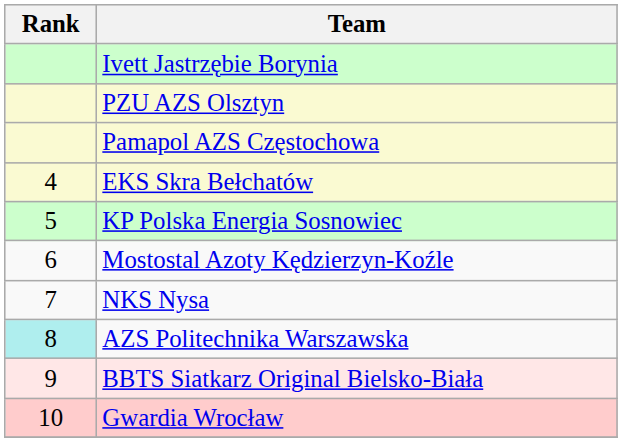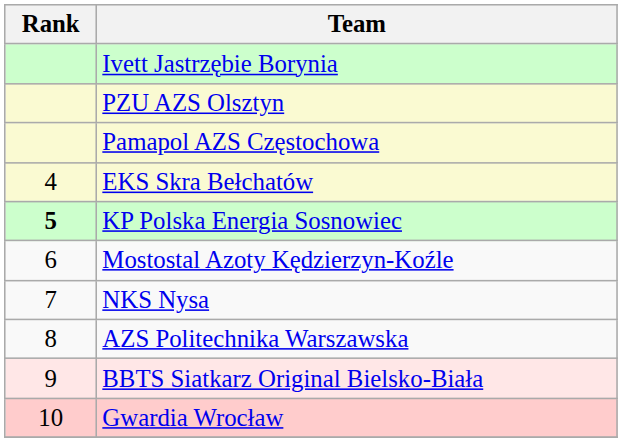 <table class="wikitable" style="white-space: nowrap; width:25%;">
 <tr>
 <th width=15%>Rank</th>
 <th>Team</th>
 </tr>
 <tr bgcolor=#CCFFCC>
 <td style="text-align:center;"></td>
 <td><a href='#'>Ivett Jastrzębie Borynia</a></td>
 </tr>
 <tr bgcolor=#FAFAD2>
 <td style="text-align:center;"></td>
 <td><a href='#'>PZU AZS Olsztyn</a></td>
 </tr>
 <tr bgcolor=#FAFAD2>
 <td style="text-align:center;"></td>
 <td><a href='#'>Pamapol AZS Częstochowa</a></td>
 </tr>
 <tr bgcolor=#FAFAD2>
 <td style="text-align:center;">4</td>
 <td><a href='#'>EKS Skra Bełchatów</a></td>
 </tr>
 <tr bgcolor=#CCFFCC>
-<td style="text-align:center;">5</td>
+<td style="text-align:center;"><strong>5</strong></td>
 <td><a href='#'>KP Polska Energia Sosnowiec</a></td>
 </tr>
 <tr>
 <td style="text-align:center;">6</td>
 <td><a href='#'>Mostostal Azoty Kędzierzyn-Koźle</a></td>
 </tr>
 <tr>
 <td style="text-align:center;">7</td>
 <td><a href='#'>NKS Nysa</a></td>
 </tr>
 <tr>
-<td style="background: paleturquoise; text-align:center;">8</td>
+<td style="text-align:center;">8</td>
 <td><a href='#'>AZS Politechnika Warszawska</a></td>
 </tr>
 <tr bgcolor=#FFE7E7>
 <td style="text-align:center;">9</td>
 <td><a href='#'>BBTS Siatkarz Original Bielsko-Biała</a></td>
 </tr>
 <tr bgcolor=#FFCCCC>
 <td style="text-align:center;">10</td>
 <td><a href='#'>Gwardia Wrocław</a></td>
 </tr>
 <tr>
 </tr>
 </table>
